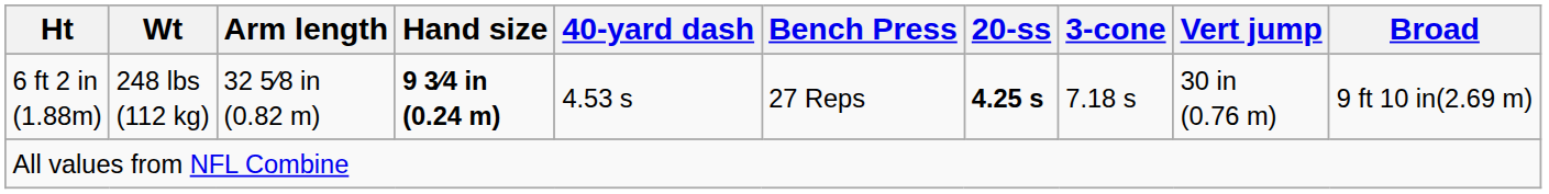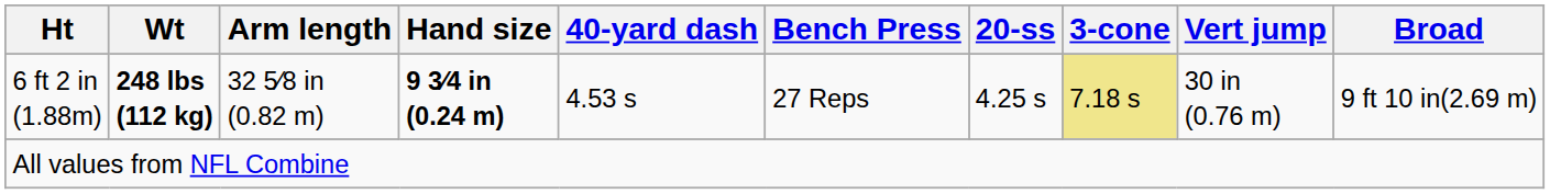 <table class="wikitable">
 <tr>
 <th>Ht</th>
 <th>Wt</th>
 <th>Arm length</th>
 <th>Hand size</th>
 <th><a href='#'>40-yard dash</a></th>
 <th><a href='#'>Bench Press</a></th>
 <th><a href='#'>20-ss</a></th>
 <th><a href='#'>3-cone</a></th>
 <th><a href='#'>Vert jump</a></th>
 <th><a href='#'>Broad</a></th>
 </tr>
 <tr>
 <td><small>6 ft 2 in</small><br><small>(1.88m)</small></td>
-<td><small>248 lbs</small><br><small>(112 kg)</small></td>
+<td><strong><small>248 lbs</small><br><small>(112 kg)</small></strong></td>
 <td><small>32 5⁄8 in</small><br><small>(0.82 m)</small></td>
 <td><strong><small>9 3⁄4 in</small><br><small>(0.24 m)</small></strong></td>
 <td><small>4.53 s</small></td>
 <td><small>27 Reps</small></td>
-<td><strong><small>4.25 s</small></strong></td>
-<td><small>7.18 s</small></td>
+<td><small>4.25 s</small></td>
+<td style="background: khaki;"><small>7.18 s</small></td>
 <td><small>30 in</small><br><small>(0.76 m)</small></td>
 <td><small>9 ft 10 in</small><small>(2.69 m)</small></td>
 </tr>
 <tr>
 <td colspan="10"><small>All values from <a href='#'>NFL Combine</a></small></td>
 </tr>
 </table>
